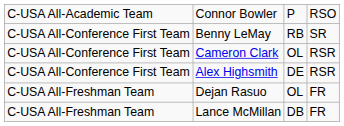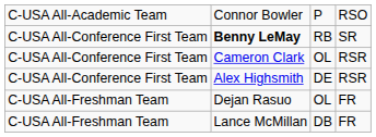 <table class="wikitable">
 <tr>
 <td>C-USA All-Academic Team</td>
 <td>Connor Bowler</td>
 <td>P</td>
 <td>RSO</td>
 </tr>
 <tr>
 <td>C-USA All-Conference First Team</td>
-<td>Benny LeMay</td>
+<td><strong>Benny LeMay</strong></td>
 <td>RB</td>
 <td>SR</td>
 </tr>
 <tr>
 <td>C-USA All-Conference First Team</td>
 <td><a href='#'>Cameron Clark</a></td>
 <td>OL</td>
 <td>RSR</td>
 </tr>
 <tr>
 <td>C-USA All-Conference First Team</td>
 <td><a href='#'>Alex Highsmith</a></td>
 <td>DE</td>
 <td>RSR</td>
 </tr>
 <tr>
 <td>C-USA All-Freshman Team</td>
 <td>Dejan Rasuo</td>
 <td>OL</td>
 <td>FR</td>
 </tr>
 <tr>
 <td>C-USA All-Freshman Team</td>
 <td>Lance McMillan</td>
 <td>DB</td>
 <td>FR</td>
 </tr>
 </table>
